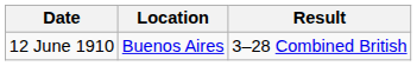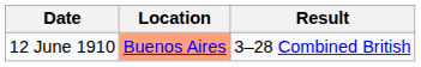 <table class="wikitable" style="align:center;">
 <tr>
 <th>Date</th>
 <th>Location</th>
 <th>Result</th>
 </tr>
 <tr>
 <td>12 June 1910</td>
-<td><a href='#'>Buenos Aires</a></td>
+<td style="background: lightsalmon;"><a href='#'>Buenos Aires</a></td>
 <td> 3–28 <a href='#'>Combined British</a> </td>
 </tr>
 </table>
